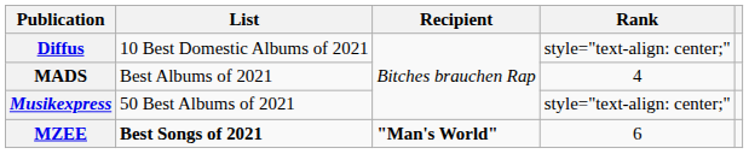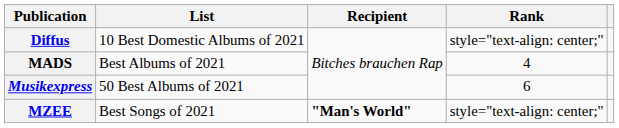 <table class="wikitable plainrowheaders">
 <tr>
 <th scope="col">Publication</th>
 <th scope="col" class="unsortable">List</th>
 <th scope="col" class="unsortable">Recipient</th>
 <th scope="col" data-sort-type="number">Rank</th>
 <th scope="col" class="unsortable"></th>
 </tr>
 <tr>
 <th scope="row"><a href='#'>Diffus</a></th>
 <td>10 Best Domestic Albums of 2021</td>
 <td rowspan="3"><em>Bitches brauchen Rap</em></td>
 <td>style="text-align: center;" </td>
 <td style="text-align: center;"></td>
 </tr>
 <tr>
 <th scope="row">MADS</th>
 <td>Best Albums of 2021</td>
 <td style="text-align: center;">4</td>
 <td style="text-align: center;"></td>
 </tr>
 <tr>
 <th scope="row"><em><a href='#'>Musikexpress</a></em></th>
 <td>50 Best Albums of 2021</td>
-<td>style="text-align: center;" </td>
+<td style="text-align: center;">6</td>
 <td style="text-align: center;"></td>
 </tr>
 <tr>
 <th scope="row"><a href='#'>MZEE</a></th>
-<td><strong>Best Songs of 2021</strong></td>
+<td>Best Songs of 2021</td>
 <td><strong>"Man's World"</strong></td>
-<td style="text-align: center;">6</td>
+<td>style="text-align: center;" </td>
 <td style="text-align: center;"></td>
 </tr>
 </table>
